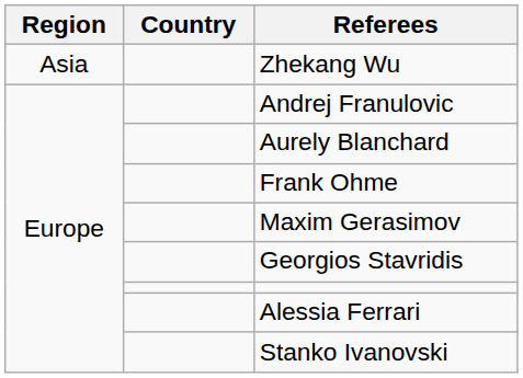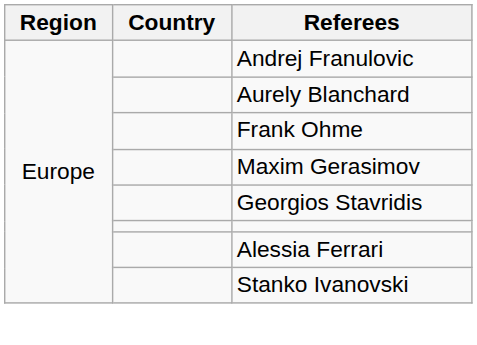 <table class="wikitable" style="width: 330px;">
 <tr>
 <th>Region</th>
 <th>Country</th>
 <th>Referees</th>
-</tr>
-<tr>
-<td align=center>Asia</td>
-<td></td>
-<td>Zhekang Wu</td>
 </tr>
 <tr>
 <td align=center rowspan=8>Europe</td>
 <td></td>
 <td>Andrej Franulovic</td>
 </tr>
 <tr>
 <td></td>
 <td>Aurely Blanchard</td>
 </tr>
 <tr>
 <td></td>
 <td>Frank Ohme</td>
 </tr>
 <tr>
 <td></td>
 <td>Maxim Gerasimov</td>
 </tr>
 <tr>
 <td></td>
 <td>Georgios Stavridis</td>
 </tr>
 <tr>
 <td></td>
 <td></td>
 </tr>
 <tr>
 <td></td>
 <td>Alessia Ferrari</td>
 </tr>
 <tr>
 <td></td>
 <td>Stanko Ivanovski</td>
 </tr>
 </table>
